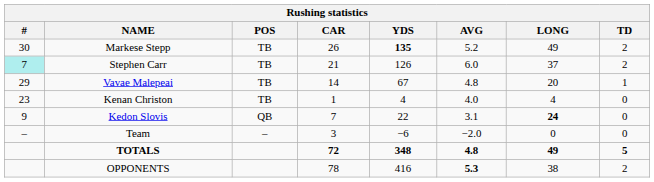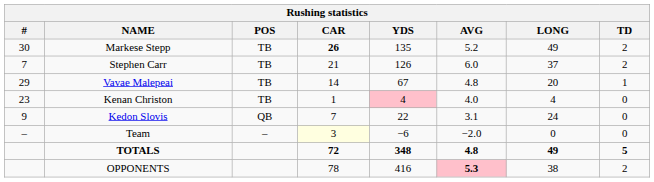 <table style="width:60%; text-align:center;" class="wikitable collapsible collapsed">
 <tr>
 <th colspan="8">Rushing statistics</th>
 </tr>
 <tr>
 <th>#</th>
 <th>NAME</th>
 <th>POS</th>
 <th>CAR</th>
 <th>YDS</th>
 <th>AVG</th>
 <th>LONG</th>
 <th>TD</th>
 </tr>
 <tr>
 <td>30</td>
 <td>Markese Stepp</td>
 <td>TB</td>
-<td>26</td>
-<td><strong>135</strong></td>
+<td><strong>26</strong></td>
+<td>135</td>
 <td>5.2</td>
 <td>49</td>
 <td>2</td>
 </tr>
 <tr>
-<td style="background: paleturquoise;">7</td>
+<td>7</td>
 <td>Stephen Carr</td>
 <td>TB</td>
 <td>21</td>
 <td>126</td>
 <td>6.0</td>
 <td>37</td>
 <td>2</td>
 </tr>
 <tr>
 <td>29</td>
 <td><a href='#'>Vavae Malepeai</a></td>
 <td>TB</td>
 <td>14</td>
 <td>67</td>
 <td>4.8</td>
 <td>20</td>
 <td>1</td>
 </tr>
 <tr>
 <td>23</td>
 <td>Kenan Christon</td>
 <td>TB</td>
 <td>1</td>
-<td>4</td>
+<td style="background: pink;">4</td>
 <td>4.0</td>
 <td>4</td>
 <td>0</td>
 </tr>
 <tr>
 <td>9</td>
 <td><a href='#'>Kedon Slovis</a></td>
 <td>QB</td>
 <td>7</td>
 <td>22</td>
 <td>3.1</td>
-<td><strong>24</strong></td>
+<td>24</td>
 <td>0</td>
 </tr>
 <tr>
 <td>–</td>
 <td>Team</td>
 <td>–</td>
-<td>3</td>
+<td style="background: lightyellow;">3</td>
 <td>−6</td>
 <td>−2.0</td>
 <td>0</td>
 <td>0</td>
 </tr>
 <tr>
 <td></td>
 <td><strong>TOTALS</strong></td>
 <td></td>
 <td><strong>72</strong></td>
 <td><strong>348</strong></td>
 <td><strong>4.8</strong></td>
 <td><strong>49</strong></td>
 <td><strong>5</strong></td>
 </tr>
 <tr>
 <td></td>
 <td>OPPONENTS</td>
 <td></td>
 <td>78</td>
 <td>416</td>
-<td><strong>5.3</strong></td>
+<td style="background: pink;"><strong>5.3</strong></td>
 <td>38</td>
 <td>2</td>
 </tr>
 </table>
